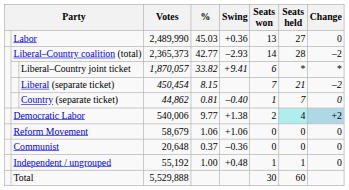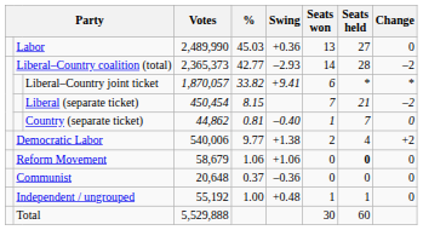 <table class="wikitable">
 <tr>
 <th colspan=3 style="width:180px">Party</th>
 <th style="width:70px">Votes</th>
 <th style="width:40px">%</th>
 <th style="width:40px">Swing</th>
 <th style="width:40px">Seats won</th>
 <th style="width:40px">Seats held</th>
 <th style="width:40px">Change</th>
 </tr>
 <tr>
 <td> </td>
 <td colspan=2><a href='#'>Labor</a></td>
 <td align=right>2,489,990</td>
 <td align=right>45.03</td>
 <td align=right>+0.36</td>
 <td align=right>13</td>
 <td align=right>27</td>
 <td align=right>0</td>
 </tr>
 <tr>
 <td rowspan=4> </td>
 <td colspan=2><a href='#'>Liberal–Country coalition</a> (total)</td>
 <td align=right>2,365,373</td>
 <td align=right>42.77</td>
 <td align=right>–2.93</td>
 <td align=right>14</td>
 <td align=right>28</td>
 <td align=right>–2</td>
 </tr>
 <tr>
 <td> </td>
 <td>Liberal–Country joint ticket</td>
 <td align=right><em>1,870,057</em></td>
 <td align=right><em>33.82</em></td>
 <td align=right><em>+9.41</em></td>
 <td align=right><em>6</em></td>
 <td align=right>*</td>
 <td align=right>*</td>
 </tr>
 <tr>
 <td> </td>
 <td><a href='#'>Liberal</a> (separate ticket)</td>
 <td align=right><em>450,454</em></td>
 <td align=right><em>8.15</em></td>
 <td align=right></td>
 <td align=right><em>7</em></td>
 <td align=right><em>21</em></td>
 <td align=right><em>–2</em></td>
 </tr>
 <tr>
 <td> </td>
 <td><a href='#'>Country</a> (separate ticket)</td>
 <td align=right><em>44,862</em></td>
 <td align=right><em>0.81</em></td>
 <td align=right><em>–0.40</em></td>
 <td align=right><em>1</em></td>
 <td align=right><em>7</em></td>
 <td align=right><em>0</em></td>
 </tr>
 <tr>
 <td> </td>
 <td colspan=2><a href='#'>Democratic Labor</a></td>
 <td align=right>540,006</td>
 <td align=right>9.77</td>
 <td align=right>+1.38</td>
 <td align=right>2</td>
-<td align=right style="background: paleturquoise;">4</td>
-<td align=right style="background: lightblue;">+2</td>
+<td align=right>4</td>
+<td align=right>+2</td>
 </tr>
 <tr>
 <td> </td>
 <td colspan=2><a href='#'>Reform Movement</a></td>
 <td align=right>58,679</td>
 <td align=right>1.06</td>
 <td align=right>+1.06</td>
 <td align=right>0</td>
-<td align=right>0</td>
+<td align=right><strong>0</strong></td>
 <td align=right>0</td>
 </tr>
 <tr>
 <td> </td>
 <td colspan=2><a href='#'>Communist</a></td>
 <td align=right>20,648</td>
 <td align=right>0.37</td>
 <td align=right>–0.36</td>
 <td align=right>0</td>
 <td align=right>0</td>
 <td align=right>0</td>
 </tr>
 <tr>
 <td> </td>
 <td colspan=2><a href='#'>Independent / ungrouped</a></td>
 <td align=right>55,192</td>
 <td align=right>1.00</td>
 <td align=right>+0.48</td>
 <td align=right>1</td>
 <td align=right>1</td>
 <td align=right>0</td>
 </tr>
 <tr>
 <td> </td>
 <td colspan=2>Total</td>
 <td align=right>5,529,888</td>
 <td align=right> </td>
 <td align=right> </td>
 <td align=right>30</td>
 <td align=right>60</td>
 <td align=right></td>
 </tr>
 </table>
